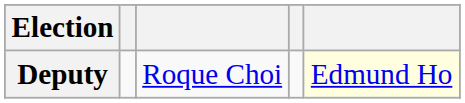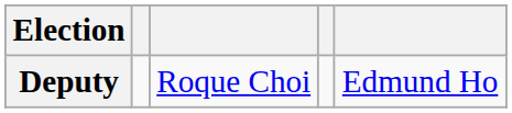 <table class="wikitable">
 <tr>
 <th>Election</th>
 <th style="width:1px;"></th>
 <th></th>
 <th style="width:1px;"></th>
 <th></th>
 </tr>
 <tr>
 <th>Deputy</th>
 <td width=1px style="background-color: "></td>
 <td colspan = 1><a href='#'>Roque Choi</a></td>
 <td width=1px style="background-color: "></td>
-<td colspan = 1 style="background: lightyellow;"><a href='#'>Edmund Ho</a></td>
+<td colspan = 1><a href='#'>Edmund Ho</a></td>
 </tr>
 </table>
